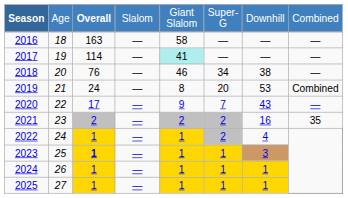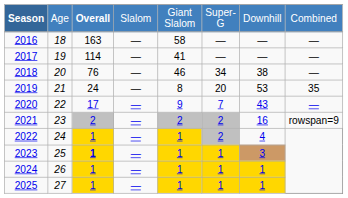 <table class="wikitable" style="font-size:95%; text-align:center; border:grey solid 1px; border-collapse:collapse;" width="40%">
 <tr style="background-color:#369; color:white;">
 <td rowspan="2" colspan="1" width="5%"><strong>Season</strong></td>
 </tr>
 <tr style="background-color:#4180be; color:white;">
 <td width="3%">Age</td>
 <td width="5%"><strong>Overall</strong></td>
 <td width="5%"> Slalom </td>
 <td width="5%">Giant<br> Slalom </td>
 <td width="5%">Super-G</td>
 <td width="5%">Downhill</td>
 <td width="5%">Combined</td>
 </tr>
 <tr style="background-color:#8CB2D8; color:white;">
 </tr>
 <tr>
 <td><a href='#'>2016</a></td>
 <td><em>18</em></td>
 <td>163</td>
 <td>—</td>
 <td>58</td>
 <td>—</td>
 <td>—</td>
 <td>—</td>
 </tr>
 <tr>
 <td><a href='#'>2017</a></td>
 <td><em>19</em></td>
 <td>114</td>
 <td>—</td>
-<td style="background: paleturquoise;">41</td>
+<td>41</td>
 <td>—</td>
 <td>—</td>
 <td>—</td>
 </tr>
 <tr>
 <td><a href='#'>2018</a></td>
 <td><em>20</em></td>
 <td>76</td>
 <td>—</td>
 <td>46</td>
 <td>34</td>
 <td>38</td>
 <td>—</td>
 </tr>
 <tr>
 <td><a href='#'>2019</a></td>
 <td><em>21</em></td>
 <td>24</td>
 <td>—</td>
 <td>8</td>
 <td>20</td>
 <td>53</td>
-<td width="5%">Combined</td>
+<td>35</td>
 </tr>
 <tr>
 <td><a href='#'>2020</a></td>
 <td><em>22</em></td>
 <td><a href='#'>17</a></td>
 <td><a href='#'>—</a></td>
 <td><a href='#'>9</a></td>
 <td><a href='#'>7</a></td>
 <td><a href='#'>43</a></td>
 <td><a href='#'>—</a></td>
 </tr>
 <tr>
 <td><a href='#'>2021</a></td>
 <td><em>23</em></td>
 <td style="background:silver;"><a href='#'>2</a></td>
 <td><a href='#'>—</a></td>
 <td style="background:silver;"><a href='#'>2</a></td>
 <td style="background:silver;"><a href='#'>2</a></td>
 <td><a href='#'>16</a></td>
-<td>35</td>
+<td>rowspan=9 </td>
 </tr>
 <tr>
 <td><a href='#'>2022</a></td>
 <td><em>24</em></td>
 <td bgcolor=gold><a href='#'>1</a></td>
 <td><a href='#'>—</a></td>
 <td bgcolor=gold><a href='#'>1</a></td>
 <td style="background:silver;"><a href='#'>2</a></td>
 <td><a href='#'>4</a></td>
 </tr>
 <tr>
 <td><a href='#'>2023</a></td>
 <td><em>25</em></td>
 <td bgcolor=gold><strong><a href='#'>1</a></strong></td>
 <td><a href='#'>—</a></td>
 <td bgcolor=gold><a href='#'>1</a></td>
 <td bgcolor=gold><a href='#'>1</a></td>
 <td style="background:#c96;"><a href='#'>3</a></td>
 </tr>
 <tr>
 <td><a href='#'>2024</a></td>
 <td><em>26</em></td>
 <td bgcolor=gold><a href='#'>1</a></td>
 <td><a href='#'>—</a></td>
 <td bgcolor=gold><a href='#'>1</a></td>
 <td bgcolor=gold><a href='#'>1</a></td>
 <td bgcolor=gold><a href='#'>1</a></td>
 </tr>
 <tr>
 <td><a href='#'>2025</a></td>
 <td><em>27</em></td>
 <td bgcolor=gold><a href='#'>1</a></td>
 <td><a href='#'>—</a></td>
 <td bgcolor=gold><a href='#'>1</a></td>
 <td bgcolor=gold><a href='#'>1</a></td>
 <td bgcolor=gold><a href='#'>1</a></td>
 </tr>
 </table>
